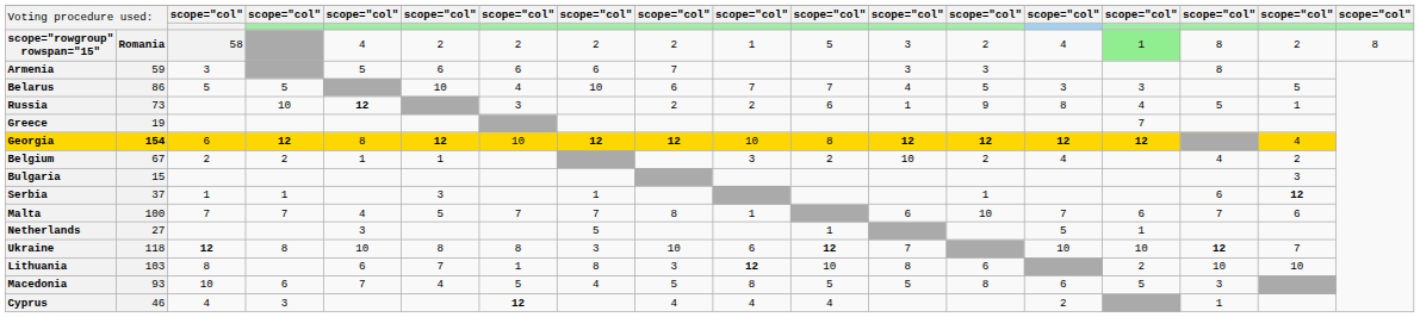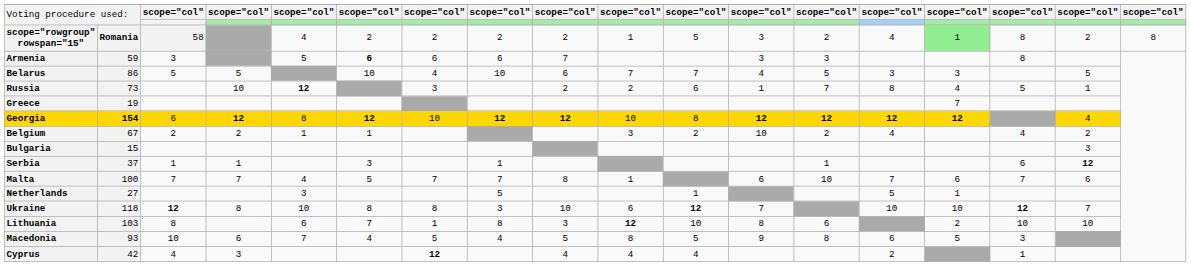 <table class="wikitable plainrowheaders" style="text-align:center;">
 <tr>
 </tr>
 <tr>
 <td colspan="2" rowspan="2" style="text-align:left; background:#F2F2F2">Voting procedure used:<br></td>
 <th>scope="col" </th>
 <th>scope="col" </th>
 <th>scope="col" </th>
 <th>scope="col" </th>
 <th>scope="col" </th>
 <th>scope="col" </th>
 <th>scope="col" </th>
 <th>scope="col" </th>
 <th>scope="col" </th>
 <th>scope="col" </th>
 <th>scope="col" </th>
 <th>scope="col" </th>
 <th>scope="col" </th>
 <th>scope="col" </th>
 <th>scope="col" </th>
 <th>scope="col" </th>
 </tr>
 <tr>
 <th style="height:2px; border-top:1px solid transparent;"></th>
 <td style="background:#A4EAA9;"></td>
 <td style="background:#A4EAA9;"></td>
 <td style="background:#A4EAA9;"></td>
 <td style="background:#A4EAA9;"></td>
 <td style="background:#A4EAA9;"></td>
 <td style="background:#A4EAA9;"></td>
 <td style="background:#A4EAA9;"></td>
 <td style="background:#A4EAA9;"></td>
 <td style="background:#A4EAA9;"></td>
 <td style="background:#A4EAA9;"></td>
 <td style="background:#A4D1EF;"></td>
 <td style="background:#A4EAA9;"></td>
 <td style="background:#A4EAA9;"></td>
 <td style="background:#A4EAA9;"></td>
 <td style="background:#A4EAA9;"></td>
 </tr>
 <tr>
 <th>scope="rowgroup" rowspan="15" </th>
 <th scope="row" style="text-align:left; background:#f2f2f2;">Romania</th>
 <td style="text-align:right; background:#f2f2f2;">58</td>
 <td style="text-align:left; background:#aaa;"></td>
 <td>4</td>
 <td>2</td>
 <td>2</td>
 <td>2</td>
 <td>2</td>
 <td>1</td>
 <td>5</td>
 <td>3</td>
 <td>2</td>
 <td>4</td>
 <td style="background: lightgreen;">1</td>
 <td>8</td>
 <td>2</td>
 <td>8</td>
 </tr>
 <tr>
 <th scope="row" style="text-align:left; background:#f2f2f2;">Armenia</th>
 <td style="text-align:right; background:#f2f2f2;">59</td>
 <td>3</td>
 <td style="text-align:left; background:#aaa;"></td>
 <td>5</td>
-<td>6</td>
+<td><strong>6</strong></td>
 <td>6</td>
 <td>6</td>
 <td>7</td>
 <td></td>
 <td></td>
 <td>3</td>
 <td>3</td>
 <td></td>
 <td></td>
 <td>8</td>
 <td></td>
 </tr>
 <tr>
 <th scope="row" style="text-align:left; background:#f2f2f2;">Belarus</th>
 <td style="text-align:right; background:#f2f2f2;">86</td>
 <td>5</td>
 <td>5</td>
 <td style="text-align:left; background:#aaa;"></td>
 <td>10</td>
 <td>4</td>
 <td>10</td>
 <td>6</td>
 <td>7</td>
 <td>7</td>
 <td>4</td>
 <td>5</td>
 <td>3</td>
 <td>3</td>
 <td></td>
 <td>5</td>
 </tr>
 <tr>
 <th scope="row" style="text-align:left; background:#f2f2f2;">Russia</th>
 <td style="text-align:right; background:#f2f2f2;">73</td>
 <td></td>
 <td>10</td>
 <td><strong>12</strong></td>
 <td style="text-align:left; background:#aaa;"></td>
 <td>3</td>
 <td></td>
 <td>2</td>
 <td>2</td>
 <td>6</td>
 <td>1</td>
-<td>9</td>
+<td>7</td>
 <td>8</td>
 <td>4</td>
 <td>5</td>
 <td>1</td>
 </tr>
 <tr>
 <th scope="row" style="text-align:left; background:#f2f2f2;">Greece</th>
 <td style="text-align:right; background:#f2f2f2;">19</td>
 <td></td>
 <td></td>
 <td></td>
 <td></td>
 <td style="text-align:left; background:#aaa;"></td>
 <td></td>
 <td></td>
 <td></td>
 <td></td>
 <td></td>
 <td></td>
 <td></td>
 <td>7</td>
 <td></td>
 <td></td>
 </tr>
 <tr style="background:gold;">
 <th scope="row" style="text-align:left; font-weight:bold; background:gold;">Georgia</th>
 <td style="text-align:right; font-weight:bold;">154</td>
 <td>6</td>
 <td><strong>12</strong></td>
 <td>8</td>
 <td><strong>12</strong></td>
 <td>10</td>
 <td><strong>12</strong></td>
 <td><strong>12</strong></td>
 <td>10</td>
 <td>8</td>
 <td><strong>12</strong></td>
 <td><strong>12</strong></td>
 <td><strong>12</strong></td>
 <td><strong>12</strong></td>
 <td style="text-align:left; background:#aaa;"></td>
 <td>4</td>
 </tr>
 <tr>
 <th scope="row" style="text-align:left; background:#f2f2f2;">Belgium</th>
 <td style="text-align:right; background:#f2f2f2;">67</td>
 <td>2</td>
 <td>2</td>
 <td>1</td>
 <td>1</td>
 <td></td>
 <td style="text-align:left; background:#aaa;"></td>
 <td></td>
 <td>3</td>
 <td>2</td>
 <td>10</td>
 <td>2</td>
 <td>4</td>
 <td></td>
 <td>4</td>
 <td>2</td>
 </tr>
 <tr>
 <th scope="row" style="text-align:left; background:#f2f2f2;">Bulgaria</th>
 <td style="text-align:right; background:#f2f2f2;">15</td>
 <td></td>
 <td></td>
 <td></td>
 <td></td>
 <td></td>
 <td></td>
 <td style="text-align:left; background:#aaa;"></td>
 <td></td>
 <td></td>
 <td></td>
 <td></td>
 <td></td>
 <td></td>
 <td></td>
 <td>3</td>
 </tr>
 <tr>
 <th scope="row" style="text-align:left; background:#f2f2f2;">Serbia</th>
 <td style="text-align:right; background:#f2f2f2;">37</td>
 <td>1</td>
 <td>1</td>
 <td></td>
 <td>3</td>
 <td></td>
 <td>1</td>
 <td></td>
 <td style="text-align:left; background:#aaa;"></td>
 <td></td>
 <td></td>
 <td>1</td>
 <td></td>
 <td></td>
 <td>6</td>
 <td><strong>12</strong></td>
 </tr>
 <tr>
 <th scope="row" style="text-align:left; background:#f2f2f2;">Malta</th>
 <td style="text-align:right; background:#f2f2f2;">100</td>
 <td>7</td>
 <td>7</td>
 <td>4</td>
 <td>5</td>
 <td>7</td>
 <td>7</td>
 <td>8</td>
 <td>1</td>
 <td style="text-align:left; background:#aaa;"></td>
 <td>6</td>
 <td>10</td>
 <td>7</td>
 <td>6</td>
 <td>7</td>
 <td>6</td>
 </tr>
 <tr>
 <th scope="row" style="text-align:left; background:#f2f2f2;">Netherlands</th>
 <td style="text-align:right; background:#f2f2f2;">27</td>
 <td></td>
 <td></td>
 <td>3</td>
 <td></td>
 <td></td>
 <td>5</td>
 <td></td>
 <td></td>
 <td>1</td>
 <td style="text-align:left; background:#aaa;"></td>
 <td></td>
 <td>5</td>
 <td>1</td>
 <td></td>
 <td></td>
 </tr>
 <tr>
 <th scope="row" style="text-align:left; background:#f2f2f2;">Ukraine</th>
 <td style="text-align:right; background:#f2f2f2;">118</td>
 <td><strong>12</strong></td>
 <td>8</td>
 <td>10</td>
 <td>8</td>
 <td>8</td>
 <td>3</td>
 <td>10</td>
 <td>6</td>
 <td><strong>12</strong></td>
 <td>7</td>
 <td style="text-align:left; background:#aaa;"></td>
 <td>10</td>
 <td>10</td>
 <td><strong>12</strong></td>
 <td>7</td>
 </tr>
 <tr>
 <th scope="row" style="text-align:left; background:#f2f2f2;">Lithuania</th>
 <td style="text-align:right; background:#f2f2f2;">103</td>
 <td>8</td>
 <td></td>
 <td>6</td>
 <td>7</td>
 <td>1</td>
 <td>8</td>
 <td>3</td>
 <td><strong>12</strong></td>
 <td>10</td>
 <td>8</td>
 <td>6</td>
 <td style="text-align:left; background:#aaa;"></td>
 <td>2</td>
 <td>10</td>
 <td>10</td>
 </tr>
 <tr>
 <th scope="row" style="text-align:left; background:#f2f2f2;">Macedonia</th>
 <td style="text-align:right; background:#f2f2f2;">93</td>
 <td>10</td>
 <td>6</td>
 <td>7</td>
 <td>4</td>
 <td>5</td>
 <td>4</td>
 <td>5</td>
 <td>8</td>
 <td>5</td>
-<td>5</td>
+<td>9</td>
 <td>8</td>
 <td>6</td>
 <td>5</td>
 <td>3</td>
 <td style="text-align:left; background:#aaa;"></td>
 </tr>
 <tr>
 <th scope="row" style="text-align:left; background:#f2f2f2;">Cyprus</th>
-<td style="text-align:right; background:#f2f2f2;">46</td>
+<td style="text-align:right; background:#f2f2f2;">42</td>
 <td>4</td>
 <td>3</td>
 <td></td>
 <td></td>
 <td><strong>12</strong></td>
 <td></td>
 <td>4</td>
 <td>4</td>
 <td>4</td>
 <td></td>
 <td></td>
 <td>2</td>
 <td style="text-align:left; background:#aaa;"></td>
 <td>1</td>
 <td></td>
 </tr>
 </table>
